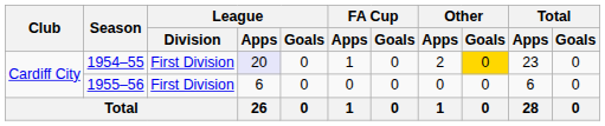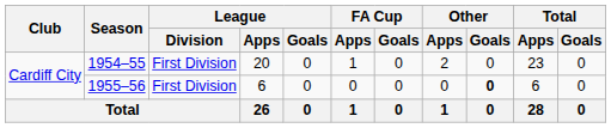 <table class="wikitable" style="text-align:center;">
 <tr>
 <th rowspan="2">Club</th>
 <th rowspan="2">Season</th>
 <th colspan="3">League</th>
 <th colspan="2">FA Cup</th>
 <th colspan="2">Other</th>
 <th colspan="2">Total</th>
 </tr>
 <tr>
 <th>Division</th>
 <th>Apps</th>
 <th>Goals</th>
 <th>Apps</th>
 <th>Goals</th>
 <th>Apps</th>
 <th>Goals</th>
 <th>Apps</th>
 <th>Goals</th>
 </tr>
 <tr>
 <td rowspan=2><a href='#'>Cardiff City</a></td>
 <td><a href='#'>1954–55</a></td>
 <td><a href='#'>First Division</a></td>
-<td style="background: lavender;">20</td>
+<td>20</td>
 <td>0</td>
 <td>1</td>
 <td>0</td>
 <td>2</td>
-<td style="background: gold;">0</td>
+<td>0</td>
 <td>23</td>
 <td>0</td>
 </tr>
 <tr>
 <td><a href='#'>1955–56</a></td>
 <td><a href='#'>First Division</a></td>
 <td>6</td>
 <td>0</td>
 <td>0</td>
 <td>0</td>
 <td>0</td>
-<td>0</td>
+<td><strong>0</strong></td>
 <td>6</td>
 <td>0</td>
 </tr>
 <tr>
 <th colspan="3">Total</th>
 <th>26</th>
 <th>0</th>
 <th>1</th>
 <th>0</th>
 <th>1</th>
 <th>0</th>
 <th>28</th>
 <th>0</th>
 </tr>
 </table>
